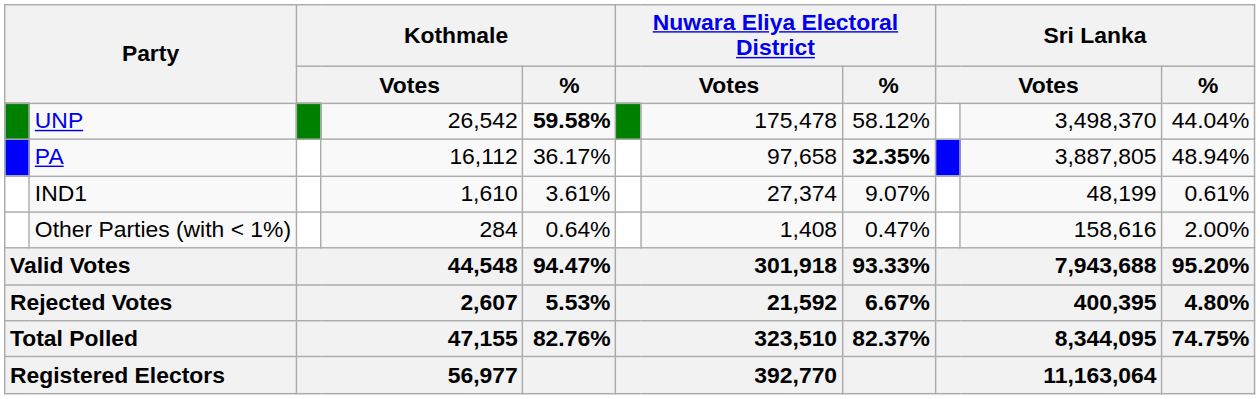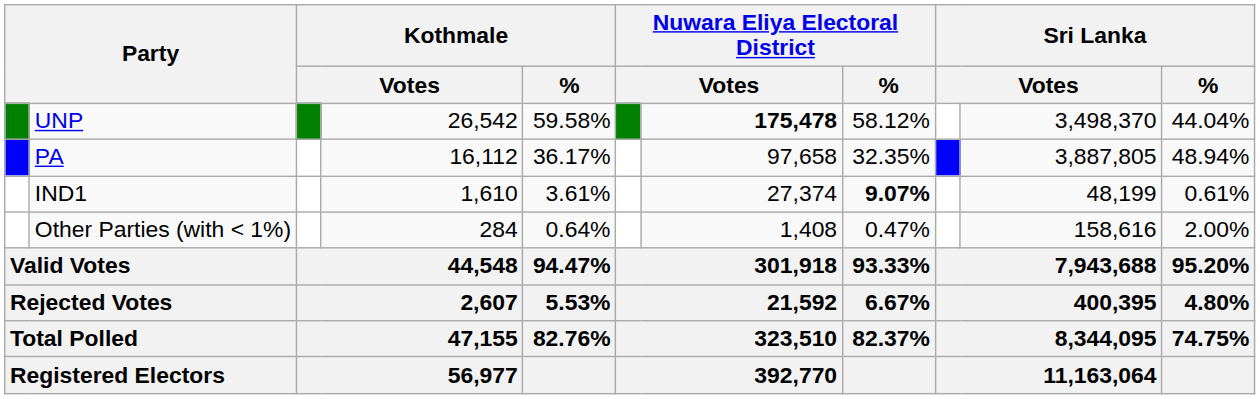 <table class="wikitable">
 <tr>
 <th colspan="2" width="144px"rowspan="2">Party</th>
 <th colspan="3" width="216px">Kothmale</th>
 <th colspan="3" width="216px"><a href='#'>Nuwara Eliya Electoral District</a></th>
 <th colspan="3" width="216px">Sri Lanka</th>
 </tr>
 <tr>
 <th colspan="2" width="144px">Votes</th>
 <th>%</th>
 <th colspan="2" width="144px">Votes</th>
 <th>%</th>
 <th colspan="2" width="144px">Votes</th>
 <th>%</th>
 </tr>
 <tr>
 <td style="background-color:green;" width="10px"></td>
 <td style="text-align:left;"><a href='#'>UNP</a></td>
 <td style="background-color:green;" width="10px"></td>
 <td style="text-align:right;">26,542</td>
-<td style="text-align:right;"><strong>59.58%</strong></td>
+<td style="text-align:right;">59.58%</td>
 <td style="background-color:green;" width="10px"></td>
-<td style="text-align:right;">175,478</td>
+<td style="text-align:right;"><strong>175,478</strong></td>
 <td style="text-align:right;">58.12%</td>
 <td style="background-color:white;" width="10px"></td>
 <td style="text-align:right;">3,498,370</td>
 <td style="text-align:right;">44.04%</td>
 </tr>
 <tr>
 <td style="background-color:blue;" width="10px"></td>
 <td style="text-align:left;"><a href='#'>PA</a></td>
 <td style="background-color:white;" width="10px"></td>
 <td style="text-align:right;">16,112</td>
 <td style="text-align:right;">36.17%</td>
 <td style="background-color:white;" width="10px"></td>
 <td style="text-align:right;">97,658</td>
-<td style="text-align:right;"><strong>32.35%</strong></td>
+<td style="text-align:right;">32.35%</td>
 <td style="background-color:blue;" width="10px"></td>
 <td style="text-align:right;">3,887,805</td>
 <td style="text-align:right;">48.94%</td>
 </tr>
 <tr>
 <td style="background-color:white;" width="10px"></td>
 <td style="text-align:left;">IND1</td>
 <td style="background-color:white;" width="10px"></td>
 <td style="text-align:right;">1,610</td>
 <td style="text-align:right;">3.61%</td>
 <td style="background-color:white;" width="10px"></td>
 <td style="text-align:right;">27,374</td>
-<td style="text-align:right;">9.07%</td>
+<td style="text-align:right;"><strong>9.07%</strong></td>
 <td style="background-color:white;" width="10px"></td>
 <td style="text-align:right;">48,199</td>
 <td style="text-align:right;">0.61%</td>
 </tr>
 <tr>
 <td style="background-color:white;" width="10px"></td>
 <td style="text-align:left;">Other Parties (with < 1%)</td>
 <td style="background-color:white;" width="10px"></td>
 <td style="text-align:right;">284</td>
 <td style="text-align:right;">0.64%</td>
 <td style="background-color:white;" width="10px"></td>
 <td style="text-align:right;">1,408</td>
 <td style="text-align:right;">0.47%</td>
 <td style="background-color:white;" width="10px"></td>
 <td style="text-align:right;">158,616</td>
 <td style="text-align:right;">2.00%</td>
 </tr>
 <tr>
 <th colspan="2" width="144px"style="text-align:left;">Valid Votes</th>
 <th style="text-align:right;"colspan="2" width="144px">44,548</th>
 <th style="text-align:right;">94.47%</th>
 <th style="text-align:right;"colspan="2" width="144px">301,918</th>
 <th style="text-align:right;">93.33%</th>
 <th style="text-align:right;"colspan="2" width="144px">7,943,688</th>
 <th style="text-align:right;">95.20%</th>
 </tr>
 <tr>
 <th colspan="2" width="144px"style="text-align:left;">Rejected Votes</th>
 <th style="text-align:right;"colspan="2" width="144px">2,607</th>
 <th style="text-align:right;">5.53%</th>
 <th style="text-align:right;"colspan="2" width="144px">21,592</th>
 <th style="text-align:right;">6.67%</th>
 <th style="text-align:right;"colspan="2" width="144px">400,395</th>
 <th style="text-align:right;">4.80%</th>
 </tr>
 <tr>
 <th colspan="2" width="144px"style="text-align:left;">Total Polled</th>
 <th style="text-align:right;"colspan="2" width="144px">47,155</th>
 <th style="text-align:right;">82.76%</th>
 <th style="text-align:right;"colspan="2" width="144px">323,510</th>
 <th style="text-align:right;">82.37%</th>
 <th style="text-align:right;"colspan="2" width="144px">8,344,095</th>
 <th style="text-align:right;">74.75%</th>
 </tr>
 <tr>
 <th colspan="2" width="144px"style="text-align:left;">Registered Electors</th>
 <th style="text-align:right;"colspan="2" width="144px">56,977</th>
 <th></th>
 <th style="text-align:right;"colspan="2" width="144px">392,770</th>
 <th></th>
 <th style="text-align:right;"colspan="2" width="144px">11,163,064</th>
 <th></th>
 </tr>
 </table>
